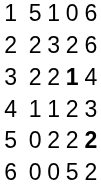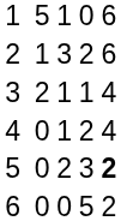 <table>
 <tr>
 <td>1</td>
 <td align=left></td>
 <td>5</td>
 <td>1</td>
 <td>0</td>
 <td>6</td>
 </tr>
 <tr>
 <td>2</td>
 <td align=left></td>
-<td>2</td>
+<td>1</td>
 <td>3</td>
 <td>2</td>
 <td>6</td>
 </tr>
 <tr>
 <td>3</td>
 <td align=left></td>
 <td>2</td>
-<td>2</td>
-<td><strong>1</strong></td>
+<td>1</td>
+<td>1</td>
 <td>4</td>
 </tr>
 <tr>
 <td>4</td>
 <td align=left></td>
-<td>1</td>
+<td>0</td>
 <td>1</td>
 <td>2</td>
-<td>3</td>
+<td>4</td>
 </tr>
 <tr>
 <td>5</td>
 <td align=left></td>
 <td>0</td>
 <td>2</td>
-<td>2</td>
+<td>3</td>
 <td><strong>2</strong></td>
 </tr>
 <tr>
 <td>6</td>
 <td align=left></td>
 <td>0</td>
 <td>0</td>
 <td>5</td>
 <td>2</td>
 </tr>
 </table>
